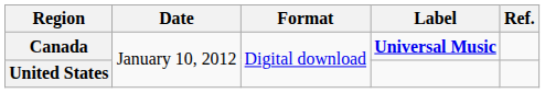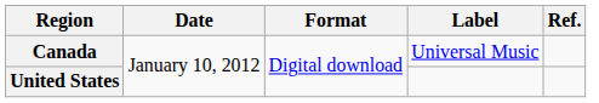 <table class="wikitable plainrowheaders">
 <tr>
 <th scope="col">Region</th>
 <th scope="col">Date</th>
 <th scope="col">Format</th>
 <th scope="col">Label</th>
 <th scope="col">Ref.</th>
 </tr>
 <tr>
 <th scope="row">Canada</th>
 <td rowspan="2">January 10, 2012</td>
 <td rowspan="2"><a href='#'>Digital download</a></td>
-<td><strong><a href='#'>Universal Music</a></strong></td>
+<td><a href='#'>Universal Music</a></td>
 <td align="center"></td>
 </tr>
 <tr>
 <th scope="row">United States</th>
 <td></td>
 <td align="center"></td>
 </tr>
 </table>
